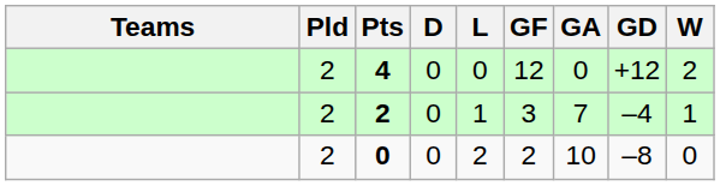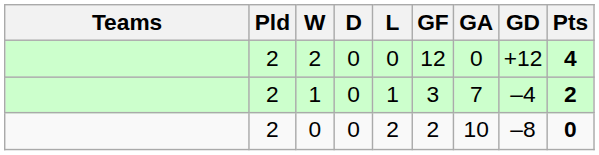 <table class="wikitable" style="text-align: center;">
 <tr>
 <th width=165>Teams</th>
 <th width=20>Pld</th>
-<th width=20>Pts</th>
+<th width=20>W</th>
 <th width=20>D</th>
 <th width=20>L</th>
 <th width=20>GF</th>
 <th width=20>GA</th>
 <th width=20>GD</th>
-<th width=20>W</th>
+<th width=20>Pts</th>
 </tr>
 <tr align=center style="background:#ccffcc;">
 <td style="text-align:left;"></td>
 <td>2</td>
-<td><strong>4</strong></td>
+<td>2</td>
 <td>0</td>
 <td>0</td>
 <td>12</td>
 <td>0</td>
 <td>+12</td>
-<td>2</td>
+<td><strong>4</strong></td>
 </tr>
 <tr align=center style="background:#ccffcc;">
 <td style="text-align:left;"></td>
 <td>2</td>
-<td><strong>2</strong></td>
+<td>1</td>
 <td>0</td>
 <td>1</td>
 <td>3</td>
 <td>7</td>
 <td>–4</td>
-<td>1</td>
+<td><strong>2</strong></td>
 </tr>
 <tr align=center>
 <td style="text-align:left;"></td>
 <td>2</td>
-<td><strong>0</strong></td>
+<td>0</td>
 <td>0</td>
 <td>2</td>
 <td>2</td>
 <td>10</td>
 <td>–8</td>
-<td>0</td>
+<td><strong>0</strong></td>
 </tr>
 </table>
